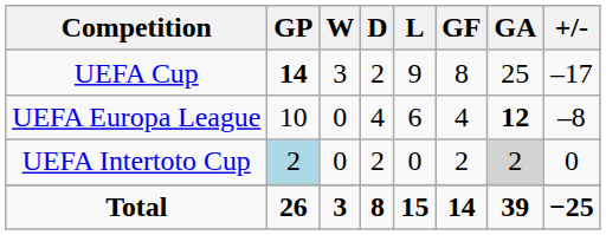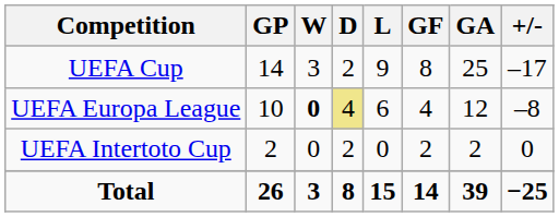 <table class="wikitable" style="text-align:center">
 <tr>
 <th>Competition</th>
 <th>GP</th>
 <th>W</th>
 <th>D</th>
 <th>L</th>
 <th>GF</th>
 <th>GA</th>
 <th>+/-</th>
 </tr>
 <tr>
 <td><a href='#'>UEFA Cup</a></td>
-<td><strong>14</strong></td>
+<td>14</td>
 <td>3</td>
 <td>2</td>
 <td>9</td>
 <td>8</td>
 <td>25</td>
 <td>–17</td>
 </tr>
 <tr>
 <td><a href='#'>UEFA Europa League</a></td>
 <td>10</td>
-<td>0</td>
-<td>4</td>
+<td><strong>0</strong></td>
+<td style="background: khaki;">4</td>
 <td>6</td>
 <td>4</td>
-<td><strong>12</strong></td>
+<td>12</td>
 <td>–8</td>
 </tr>
 <tr>
 <td><a href='#'>UEFA Intertoto Cup</a></td>
-<td style="background: lightblue;">2</td>
+<td>2</td>
 <td>0</td>
 <td>2</td>
 <td>0</td>
 <td>2</td>
-<td style="background: lightgrey;">2</td>
+<td>2</td>
 <td>0</td>
 </tr>
 <tr>
 </tr>
 <tr class="unsortable">
 <td><strong>Total</strong></td>
 <td><strong>26</strong></td>
 <td><strong>3</strong></td>
 <td><strong>8</strong></td>
 <td><strong>15</strong></td>
 <td><strong>14</strong></td>
 <td><strong>39</strong></td>
 <td><strong>−25</strong></td>
 </tr>
 </table>
